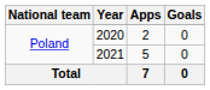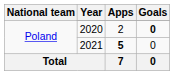 <table class=wikitable style=text-align:center>
 <tr>
 <th>National team</th>
 <th>Year</th>
 <th>Apps</th>
 <th>Goals</th>
 </tr>
 <tr>
 <td rowspan="3"><a href='#'>Poland</a></td>
 </tr>
 <tr>
 <td>2020</td>
 <td>2</td>
-<td>0</td>
+<td><strong>0</strong></td>
 </tr>
 <tr>
 <td>2021</td>
-<td>5</td>
+<td><strong>5</strong></td>
 <td>0</td>
 </tr>
 <tr>
 <th colspan="2">Total</th>
 <th>7</th>
 <th>0</th>
 </tr>
 </table>
